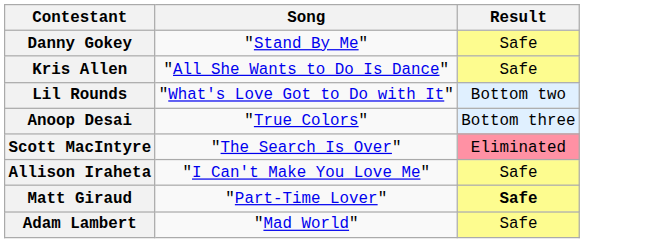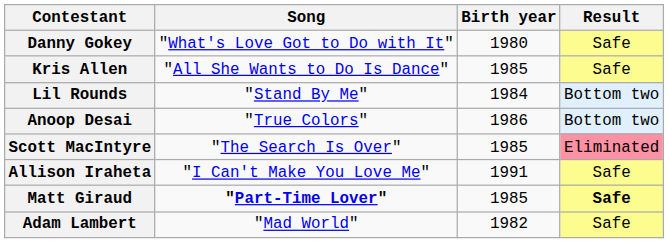 <table class="wikitable unsortable" style="text-align:center;">
 <tr>
 <th scope="col">Contestant</th>
 <th scope="col">Song</th>
+<th scope="col">Birth year</th>
 <th scope="col">Result</th>
 </tr>
 <tr>
 <th scope="row">Danny Gokey</th>
-<td>"<a href='#'>Stand By Me</a>"</td>
+<td>"<a href='#'>What's Love Got to Do with It</a>"</td>
+<td>1980</td>
 <td style="background:#FDFC8F">Safe</td>
 </tr>
 <tr>
 <th scope="row">Kris Allen</th>
 <td>"<a href='#'>All She Wants to Do Is Dance</a>"</td>
+<td>1985</td>
 <td style="background:#FDFC8F">Safe</td>
 </tr>
 <tr>
 <th scope="row">Lil Rounds</th>
-<td>"<a href='#'>What's Love Got to Do with It</a>"</td>
+<td>"<a href='#'>Stand By Me</a>"</td>
+<td>1984</td>
 <td bgcolor="E0F0FF">Bottom two</td>
 </tr>
 <tr>
 <th scope="row">Anoop Desai</th>
 <td>"<a href='#'>True Colors</a>"</td>
-<td bgcolor="E0F0FF">Bottom three</td>
+<td>1986</td>
+<td bgcolor="E0F0FF">Bottom two</td>
 </tr>
 <tr>
 <th scope="row">Scott MacIntyre</th>
 <td>"<a href='#'>The Search Is Over</a>"</td>
+<td>1985</td>
 <td bgcolor="FF91A4">Eliminated</td>
 </tr>
 <tr>
 <th scope="row">Allison Iraheta</th>
 <td>"<a href='#'>I Can't Make You Love Me</a>"</td>
+<td>1991</td>
 <td style="background:#FDFC8F">Safe</td>
 </tr>
 <tr>
 <th scope="row">Matt Giraud</th>
-<td>"<a href='#'>Part-Time Lover</a>"</td>
+<td><strong>"<a href='#'>Part-Time Lover</a>"</strong></td>
+<td>1985</td>
 <td style="background:#FDFC8F"><strong>Safe</strong></td>
 </tr>
 <tr>
 <th scope="row">Adam Lambert</th>
 <td>"<a href='#'>Mad World</a>"</td>
+<td>1982</td>
 <td style="background:#FDFC8F">Safe</td>
 </tr>
 </table>
